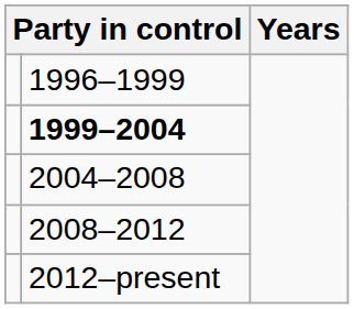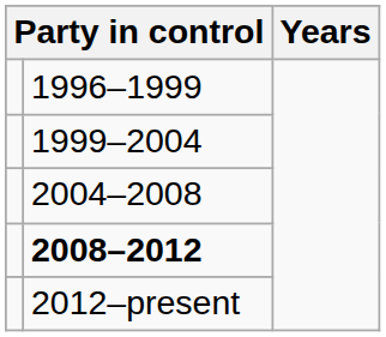 <table class="wikitable">
 <tr>
 <th colspan="2">Party in control</th>
 <th>Years</th>
 </tr>
 <tr>
 <td></td>
 <td>1996–1999</td>
 </tr>
 <tr>
 <td></td>
-<td><strong>1999–2004</strong></td>
+<td>1999–2004</td>
 </tr>
 <tr>
 <td></td>
 <td>2004–2008</td>
 </tr>
 <tr>
 <td></td>
-<td>2008–2012</td>
+<td><strong>2008–2012</strong></td>
 </tr>
 <tr>
 <td></td>
 <td>2012–present</td>
 </tr>
 </table>
